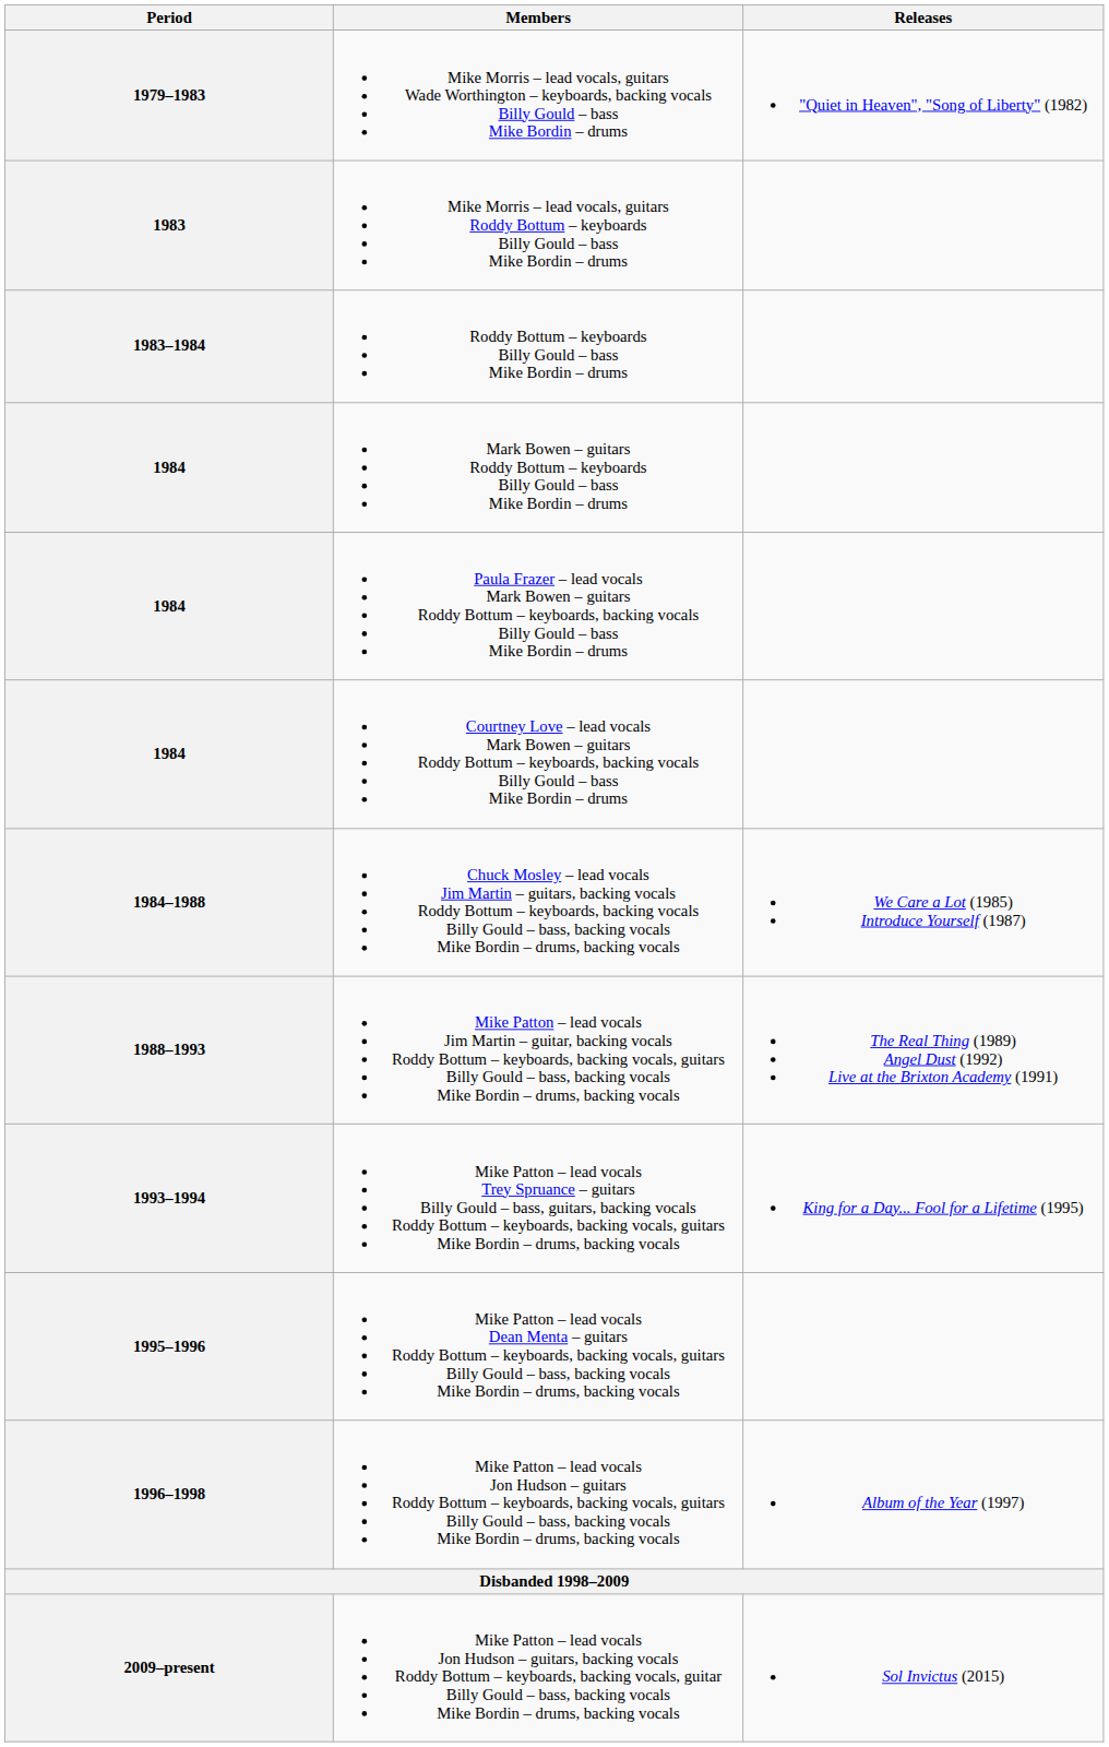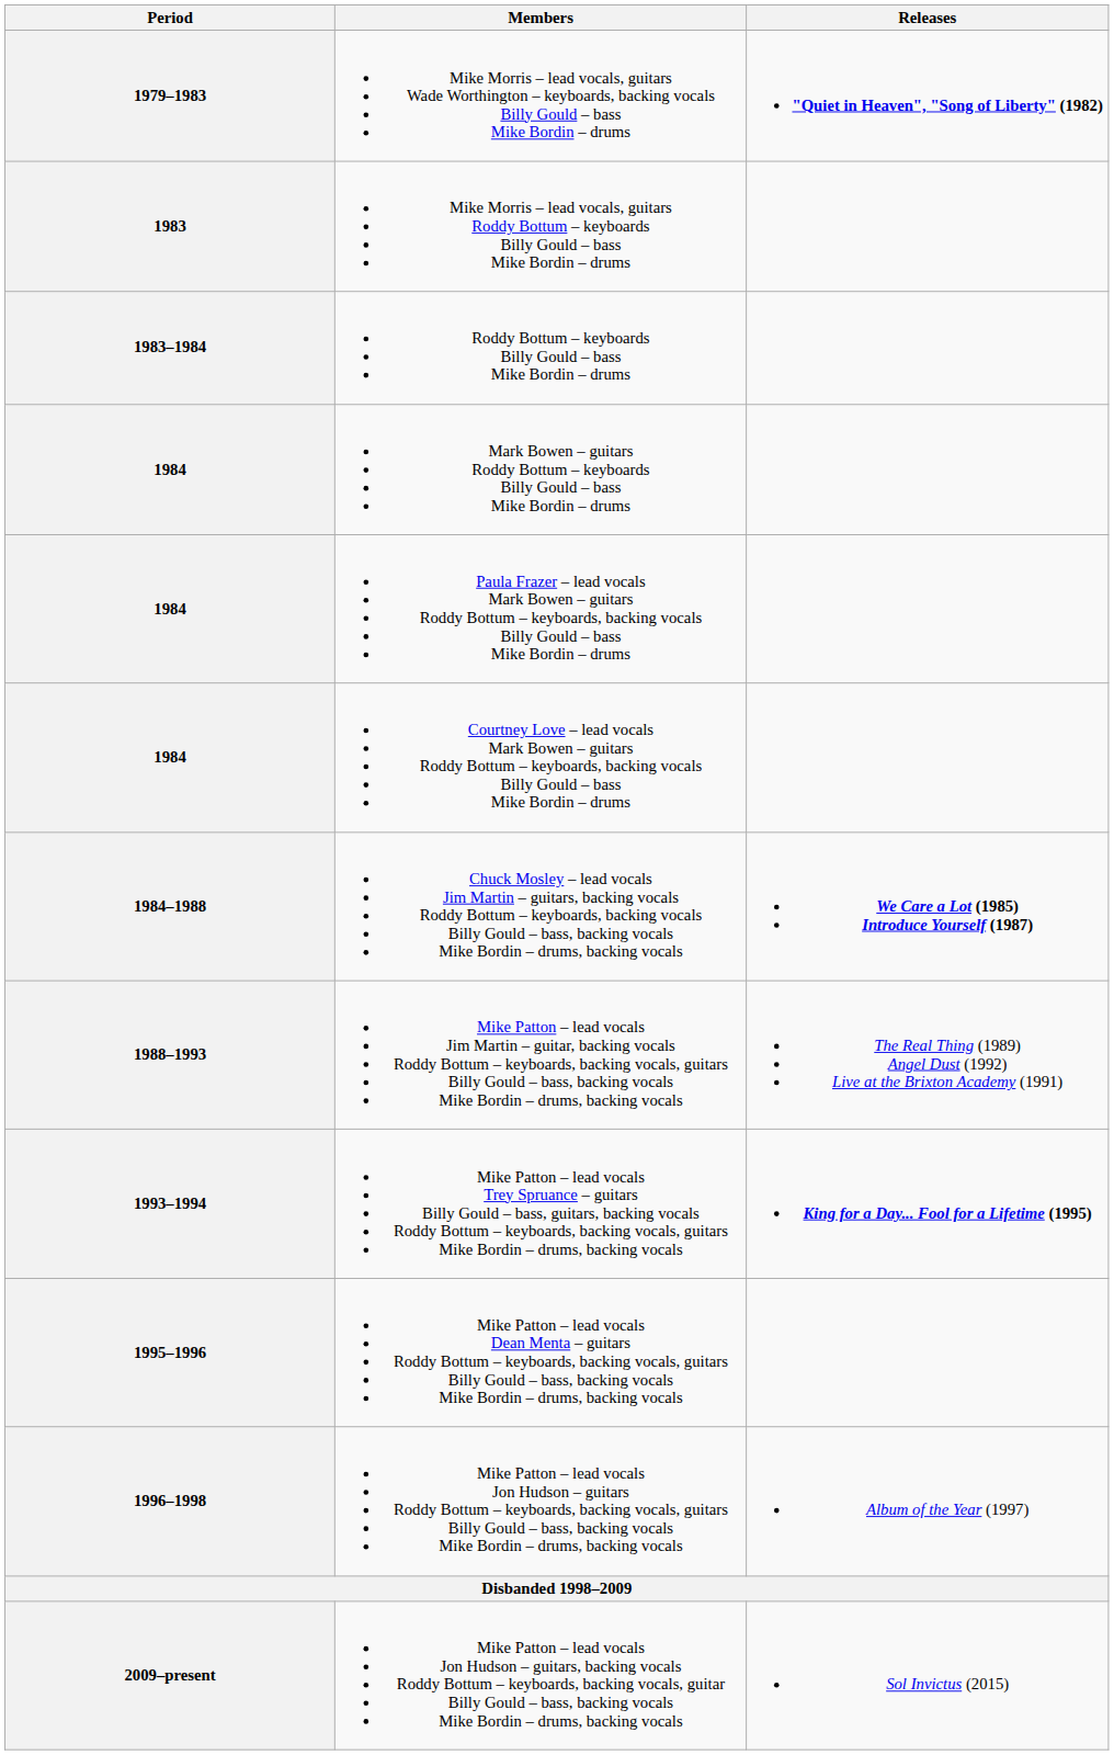 <table class="wikitable plainrowheaders" style="text-align:center;">
 <tr>
 <th scope="col" style="width:20em;">Period</th>
 <th scope="col" style="width:25em;">Members</th>
 <th scope="col" style="width:22em;">Releases</th>
 </tr>
 <tr>
 <th>1979–1983</th>
 <td><br><ul><li>Mike Morris – lead vocals, guitars</li><li>Wade Worthington – keyboards, backing vocals</li><li><a href='#'>Billy Gould</a> – bass</li><li><a href='#'>Mike Bordin</a> – drums</li></ul></td>
-<td><br><ul><li><a href='#'>"Quiet in Heaven", "Song of Liberty"</a> (1982) </li></ul></td>
+<td><strong><br><ul><li><a href='#'>"Quiet in Heaven", "Song of Liberty"</a> (1982) </li></ul></strong></td>
 </tr>
 <tr>
 <th>1983</th>
 <td><br><ul><li>Mike Morris – lead vocals, guitars</li><li><a href='#'>Roddy Bottum</a> – keyboards</li><li>Billy Gould – bass</li><li>Mike Bordin – drums</li></ul></td>
 <td></td>
 </tr>
 <tr>
 <th>1983–1984</th>
 <td><br><ul><li>Roddy Bottum – keyboards</li><li>Billy Gould – bass</li><li>Mike Bordin – drums</li></ul></td>
 <td></td>
 </tr>
 <tr>
 <th>1984</th>
 <td><br><ul><li>Mark Bowen – guitars</li><li>Roddy Bottum – keyboards</li><li>Billy Gould – bass</li><li>Mike Bordin – drums</li></ul></td>
 <td></td>
 </tr>
 <tr>
 <th>1984</th>
 <td><br><ul><li><a href='#'>Paula Frazer</a> – lead vocals</li><li>Mark Bowen – guitars</li><li>Roddy Bottum – keyboards, backing vocals</li><li>Billy Gould – bass</li><li>Mike Bordin – drums</li></ul></td>
 <td></td>
 </tr>
 <tr>
 <th>1984</th>
 <td><br><ul><li><a href='#'>Courtney Love</a> – lead vocals</li><li>Mark Bowen – guitars</li><li>Roddy Bottum – keyboards, backing vocals</li><li>Billy Gould – bass</li><li>Mike Bordin – drums</li></ul></td>
 <td></td>
 </tr>
 <tr>
 <th>1984–1988</th>
 <td><br><ul><li><a href='#'>Chuck Mosley</a> – lead vocals</li><li><a href='#'>Jim Martin</a> – guitars, backing vocals</li><li>Roddy Bottum – keyboards, backing vocals</li><li>Billy Gould – bass, backing vocals</li><li>Mike Bordin – drums, backing vocals</li></ul></td>
-<td><br><ul><li><em><a href='#'>We Care a Lot</a></em> (1985)</li><li><em><a href='#'>Introduce Yourself</a></em> (1987)</li></ul></td>
+<td><strong><br><ul><li><em><a href='#'>We Care a Lot</a></em> (1985)</li><li><em><a href='#'>Introduce Yourself</a></em> (1987)</li></ul></strong></td>
 </tr>
 <tr>
 <th>1988–1993</th>
 <td><br><ul><li><a href='#'>Mike Patton</a> – lead vocals</li><li>Jim Martin – guitar, backing vocals</li><li>Roddy Bottum – keyboards, backing vocals, guitars</li><li>Billy Gould – bass, backing vocals</li><li>Mike Bordin – drums, backing vocals</li></ul></td>
 <td><br><ul><li><em><a href='#'>The Real Thing</a></em> (1989)</li><li><em><a href='#'>Angel Dust</a></em> (1992)</li><li><em><a href='#'>Live at the Brixton Academy</a></em> (1991)</li></ul></td>
 </tr>
 <tr>
 <th>1993–1994</th>
 <td><br><ul><li>Mike Patton – lead vocals</li><li><a href='#'>Trey Spruance</a> – guitars</li><li>Billy Gould – bass, guitars, backing vocals</li><li>Roddy Bottum – keyboards, backing vocals, guitars</li><li>Mike Bordin – drums, backing vocals</li></ul></td>
-<td><br><ul><li><em><a href='#'>King for a Day... Fool for a Lifetime</a></em> (1995)</li></ul></td>
+<td><strong><br><ul><li><em><a href='#'>King for a Day... Fool for a Lifetime</a></em> (1995)</li></ul></strong></td>
 </tr>
 <tr>
 <th>1995–1996</th>
 <td><br><ul><li>Mike Patton – lead vocals</li><li><a href='#'>Dean Menta</a> – guitars</li><li>Roddy Bottum – keyboards, backing vocals, guitars</li><li>Billy Gould – bass, backing vocals</li><li>Mike Bordin – drums, backing vocals</li></ul></td>
 <td></td>
 </tr>
 <tr>
 <th>1996–1998</th>
 <td><br><ul><li>Mike Patton – lead vocals</li><li>Jon Hudson – guitars</li><li>Roddy Bottum – keyboards, backing vocals, guitars</li><li>Billy Gould – bass, backing vocals</li><li>Mike Bordin – drums, backing vocals</li></ul></td>
 <td><br><ul><li><em><a href='#'>Album of the Year</a></em> (1997)</li></ul></td>
 </tr>
 <tr>
 <th colspan="3">Disbanded 1998–2009</th>
 </tr>
 <tr>
 <th>2009–present</th>
 <td><br><ul><li>Mike Patton – lead vocals</li><li>Jon Hudson – guitars, backing vocals</li><li>Roddy Bottum – keyboards, backing vocals, guitar</li><li>Billy Gould – bass, backing vocals</li><li>Mike Bordin – drums, backing vocals</li></ul></td>
 <td><br><ul><li><em><a href='#'>Sol Invictus</a></em> (2015)</li></ul></td>
 </tr>
 </table>
